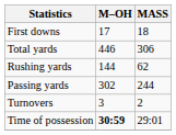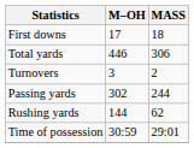 <table class="wikitable" style="float: left;">
 <tr>
 <th>Statistics</th>
 <th>M–OH</th>
 <th>MASS</th>
 </tr>
 <tr>
 <td>First downs</td>
 <td>17</td>
 <td>18</td>
 </tr>
 <tr>
 <td>Total yards</td>
 <td>446</td>
 <td>306</td>
 </tr>
 <tr>
-<td>Rushing yards</td>
-<td>144</td>
-<td>62</td>
+<td>Turnovers</td>
+<td>3</td>
+<td>2</td>
 </tr>
 <tr>
 <td>Passing yards</td>
 <td>302</td>
 <td>244</td>
 </tr>
 <tr>
-<td>Turnovers</td>
-<td>3</td>
-<td>2</td>
+<td>Rushing yards</td>
+<td>144</td>
+<td>62</td>
 </tr>
 <tr>
 <td>Time of possession</td>
-<td><strong>30:59</strong></td>
+<td>30:59</td>
 <td>29:01</td>
 </tr>
 <tr>
 </tr>
 </table>
